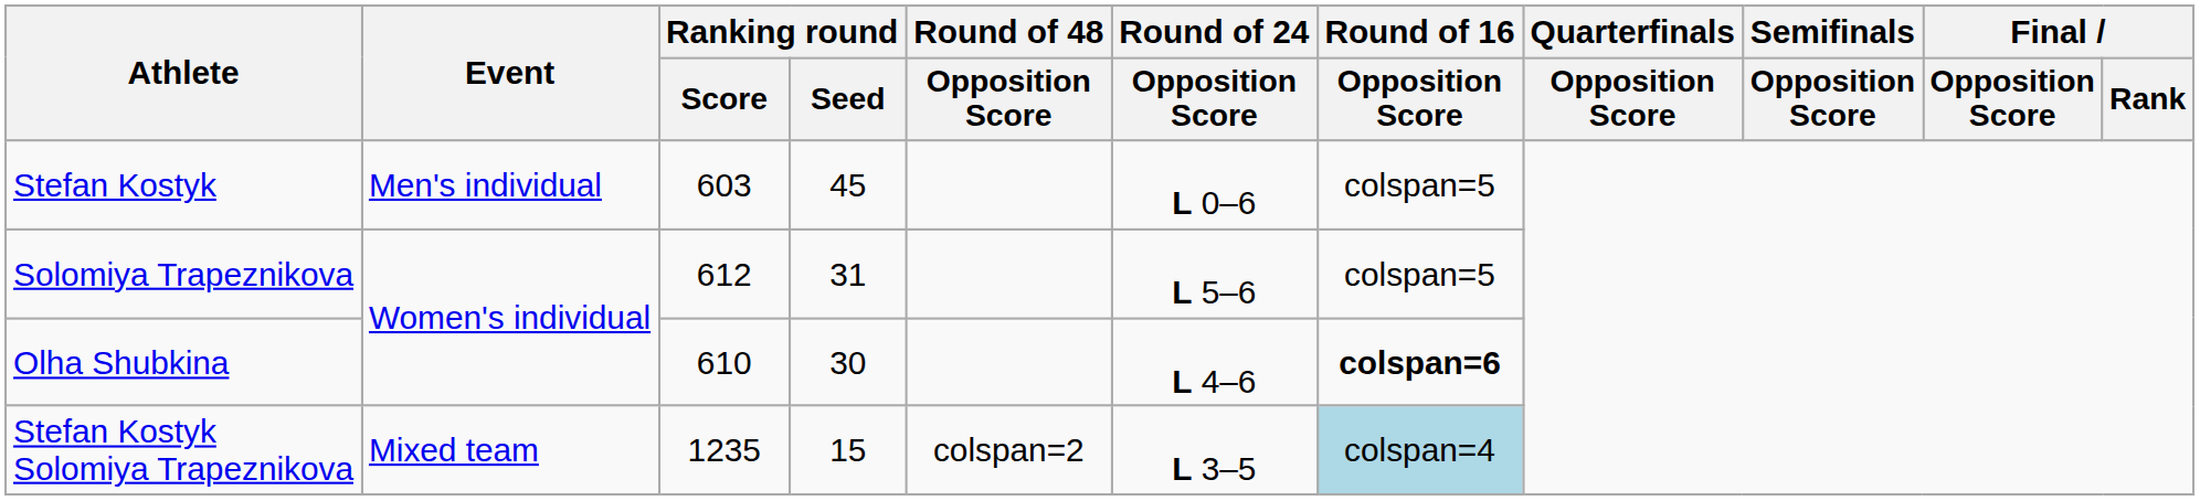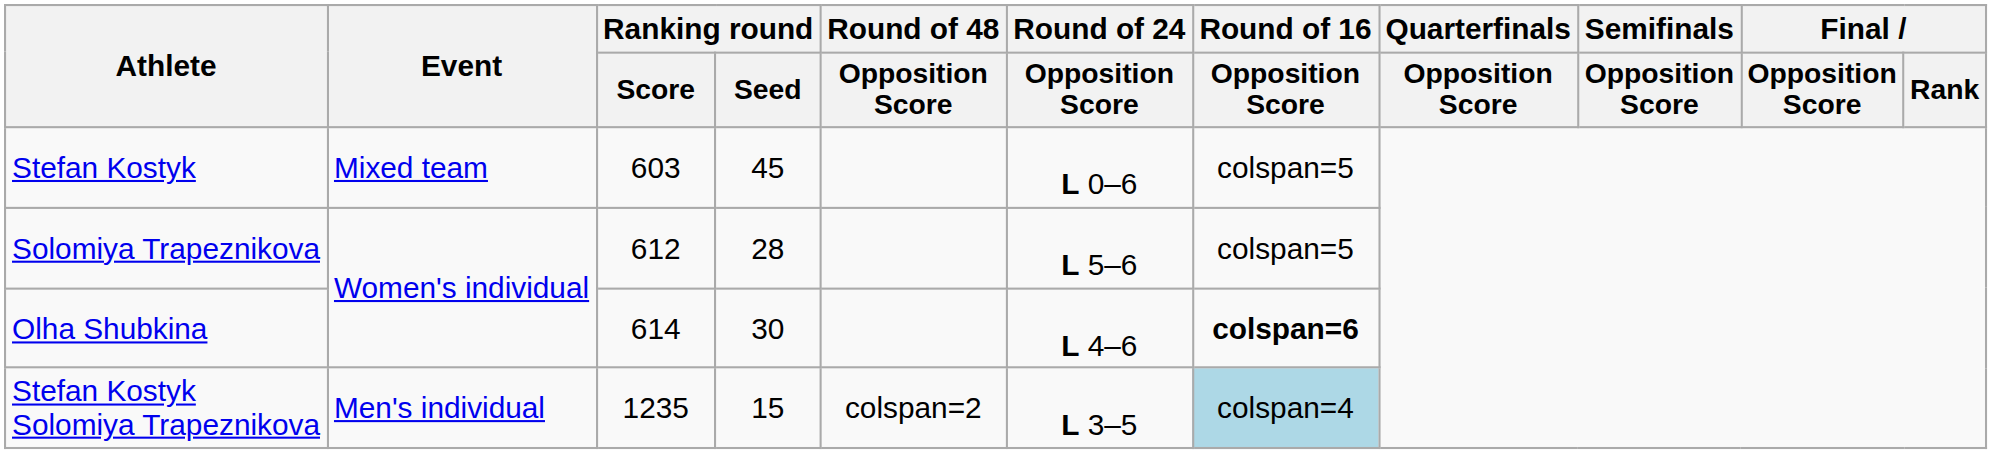 <table class="wikitable" style="font-size:90%; text-align:center">
 <tr>
 <th rowspan=2>Athlete</th>
 <th rowspan=2>Event</th>
 <th colspan="2">Ranking round</th>
 <th>Round of 48</th>
 <th>Round of 24</th>
 <th>Round of 16</th>
 <th>Quarterfinals</th>
 <th>Semifinals</th>
 <th colspan="2">Final / </th>
 </tr>
 <tr style="font-size:95%">
 <th>Score</th>
 <th>Seed</th>
 <th>Opposition<br>Score</th>
 <th>Opposition<br>Score</th>
 <th>Opposition<br>Score</th>
 <th>Opposition<br>Score</th>
 <th>Opposition<br>Score</th>
 <th>Opposition<br>Score</th>
 <th>Rank</th>
 </tr>
 <tr align=center>
 <td align=left><a href='#'>Stefan Kostyk</a></td>
-<td align=left><a href='#'>Men's individual</a></td>
+<td align="left"><a href='#'>Mixed team</a></td>
 <td>603</td>
 <td>45</td>
 <td></td>
 <td><br><strong>L</strong> 0–6</td>
 <td>colspan=5 </td>
 </tr>
 <tr align=center>
 <td align=left><a href='#'>Solomiya Trapeznikova</a></td>
 <td align=left rowspan=2><a href='#'>Women's individual</a></td>
 <td>612</td>
-<td>31</td>
+<td>28</td>
 <td></td>
 <td><br><strong>L</strong> 5–6</td>
 <td>colspan=5 </td>
 </tr>
 <tr align=center>
 <td align=left><a href='#'>Olha Shubkina</a></td>
-<td>610</td>
+<td>614</td>
 <td>30</td>
 <td></td>
 <td><br><strong>L</strong> 4–6</td>
 <td><strong>colspan=6 </strong></td>
 </tr>
 <tr align=center>
 <td align="left"><a href='#'>Stefan Kostyk</a><br><a href='#'>Solomiya Trapeznikova</a></td>
-<td align="left"><a href='#'>Mixed team</a></td>
+<td align=left><a href='#'>Men's individual</a></td>
 <td>1235</td>
 <td>15</td>
 <td>colspan=2 </td>
 <td><br><strong>L</strong> 3–5</td>
 <td style="background: lightblue;">colspan=4 </td>
 </tr>
 </table>
